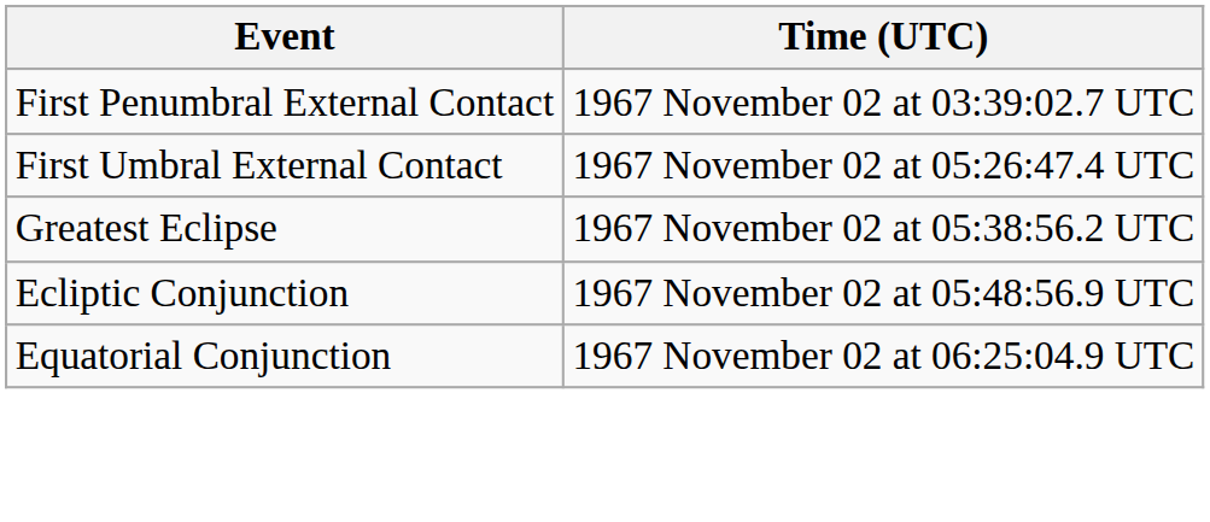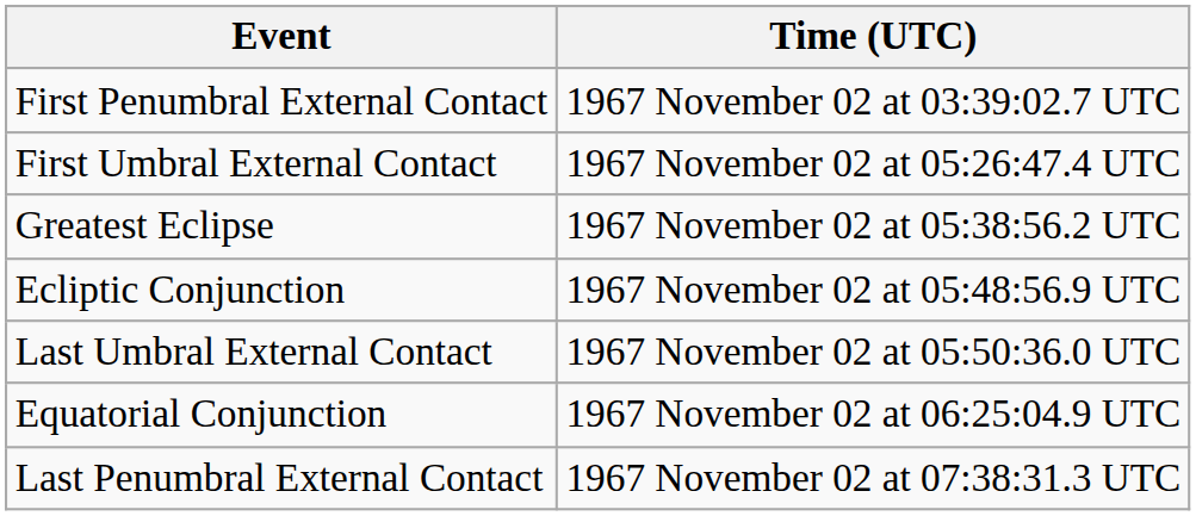 <table class="wikitable">
 <tr>
 <th>Event</th>
 <th>Time (UTC)</th>
 </tr>
 <tr>
 <td>First Penumbral External Contact</td>
 <td>1967 November 02 at 03:39:02.7 UTC</td>
 </tr>
 <tr>
 <td>First Umbral External Contact</td>
 <td>1967 November 02 at 05:26:47.4 UTC</td>
 </tr>
 <tr>
 <td>Greatest Eclipse</td>
 <td>1967 November 02 at 05:38:56.2 UTC</td>
 </tr>
 <tr>
 <td>Ecliptic Conjunction</td>
 <td>1967 November 02 at 05:48:56.9 UTC</td>
 </tr>
 <tr>
+<td>Last Umbral External Contact</td>
+<td>1967 November 02 at 05:50:36.0 UTC</td>
+</tr>
+<tr>
 <td>Equatorial Conjunction</td>
 <td>1967 November 02 at 06:25:04.9 UTC</td>
 </tr>
+<tr>
+<td>Last Penumbral External Contact</td>
+<td>1967 November 02 at 07:38:31.3 UTC</td>
+</tr>
 </table>
